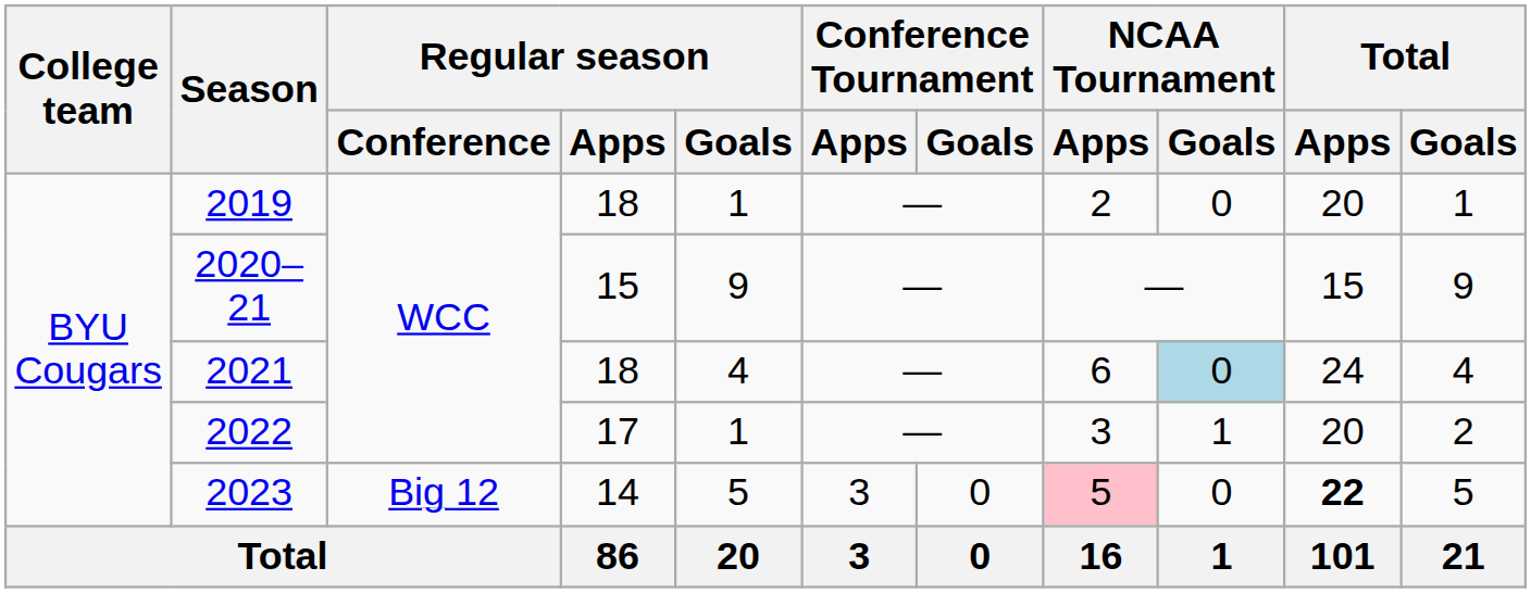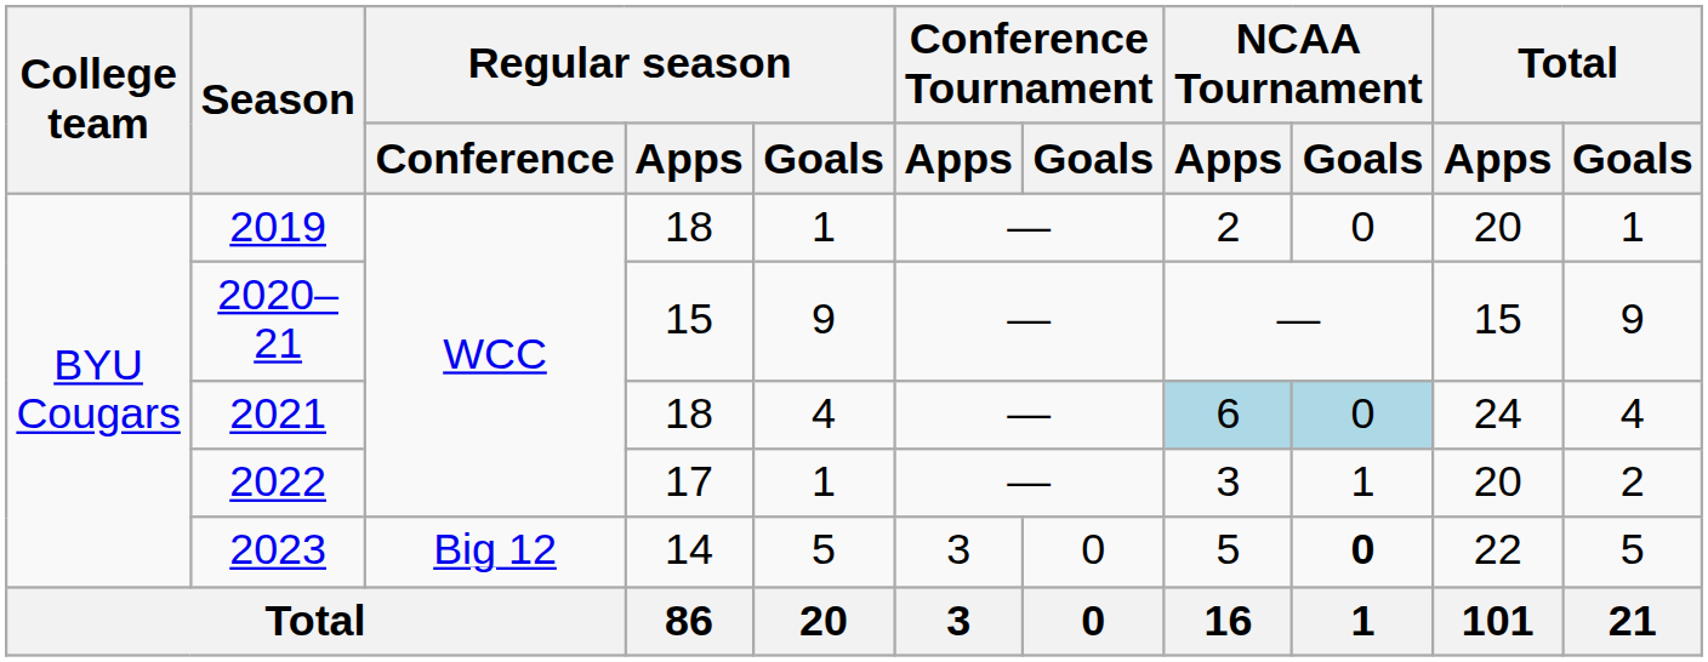 <table class="wikitable" style="text-align: center;">
 <tr>
 <th rowspan="2">College team</th>
 <th rowspan="2">Season</th>
 <th colspan="3">Regular season</th>
 <th colspan="2">Conference Tournament</th>
 <th colspan="2">NCAA Tournament</th>
 <th colspan="2">Total</th>
 </tr>
 <tr>
 <th>Conference</th>
 <th>Apps</th>
 <th>Goals</th>
 <th>Apps</th>
 <th>Goals</th>
 <th>Apps</th>
 <th>Goals</th>
 <th>Apps</th>
 <th>Goals</th>
 </tr>
 <tr>
 <td rowspan="5"><a href='#'>BYU Cougars</a></td>
 <td><a href='#'>2019</a></td>
 <td rowspan="4"><a href='#'>WCC</a></td>
 <td>18</td>
 <td>1</td>
 <td colspan="2">—</td>
 <td>2</td>
 <td>0</td>
 <td>20</td>
 <td>1</td>
 </tr>
 <tr>
 <td><a href='#'>2020–21</a></td>
 <td>15</td>
 <td>9</td>
 <td colspan="2">—</td>
 <td colspan="2">—</td>
 <td>15</td>
 <td>9</td>
 </tr>
 <tr>
 <td><a href='#'>2021</a></td>
 <td>18</td>
 <td>4</td>
 <td colspan="2">—</td>
-<td>6</td>
+<td style="background: lightblue;">6</td>
 <td style="background: lightblue;">0</td>
 <td>24</td>
 <td>4</td>
 </tr>
 <tr>
 <td><a href='#'>2022</a></td>
 <td>17</td>
 <td>1</td>
 <td colspan="2">—</td>
 <td>3</td>
 <td>1</td>
 <td>20</td>
 <td>2</td>
 </tr>
 <tr>
 <td><a href='#'>2023</a></td>
 <td><a href='#'>Big 12</a></td>
 <td>14</td>
 <td>5</td>
 <td>3</td>
 <td>0</td>
-<td style="background: pink;">5</td>
-<td>0</td>
-<td><strong>22</strong></td>
+<td>5</td>
+<td><strong>0</strong></td>
+<td>22</td>
 <td>5</td>
 </tr>
 <tr>
 <th colspan="3">Total</th>
 <th>86</th>
 <th>20</th>
 <th>3</th>
 <th>0</th>
 <th>16</th>
 <th>1</th>
 <th>101</th>
 <th>21</th>
 </tr>
 </table>
